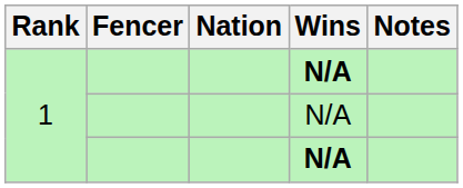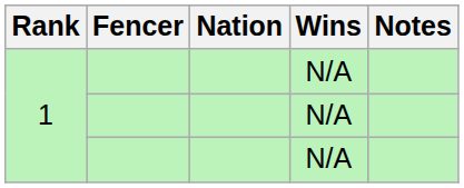 <table class="wikitable sortable" style="text-align:center">
 <tr>
 <th>Rank</th>
 <th>Fencer</th>
 <th>Nation</th>
 <th>Wins</th>
 <th>Notes</th>
 </tr>
 <tr bgcolor=bbf3bb>
 <td rowspan=3>1</td>
 <td align=left></td>
 <td align=left></td>
-<td><strong>N/A</strong></td>
+<td>N/A</td>
 <td></td>
 </tr>
 <tr bgcolor=bbf3bb>
 <td align=left></td>
 <td align=left></td>
 <td>N/A</td>
 <td></td>
 </tr>
 <tr bgcolor=bbf3bb>
 <td align=left></td>
 <td align=left></td>
-<td><strong>N/A</strong></td>
+<td>N/A</td>
 <td></td>
 </tr>
 </table>
